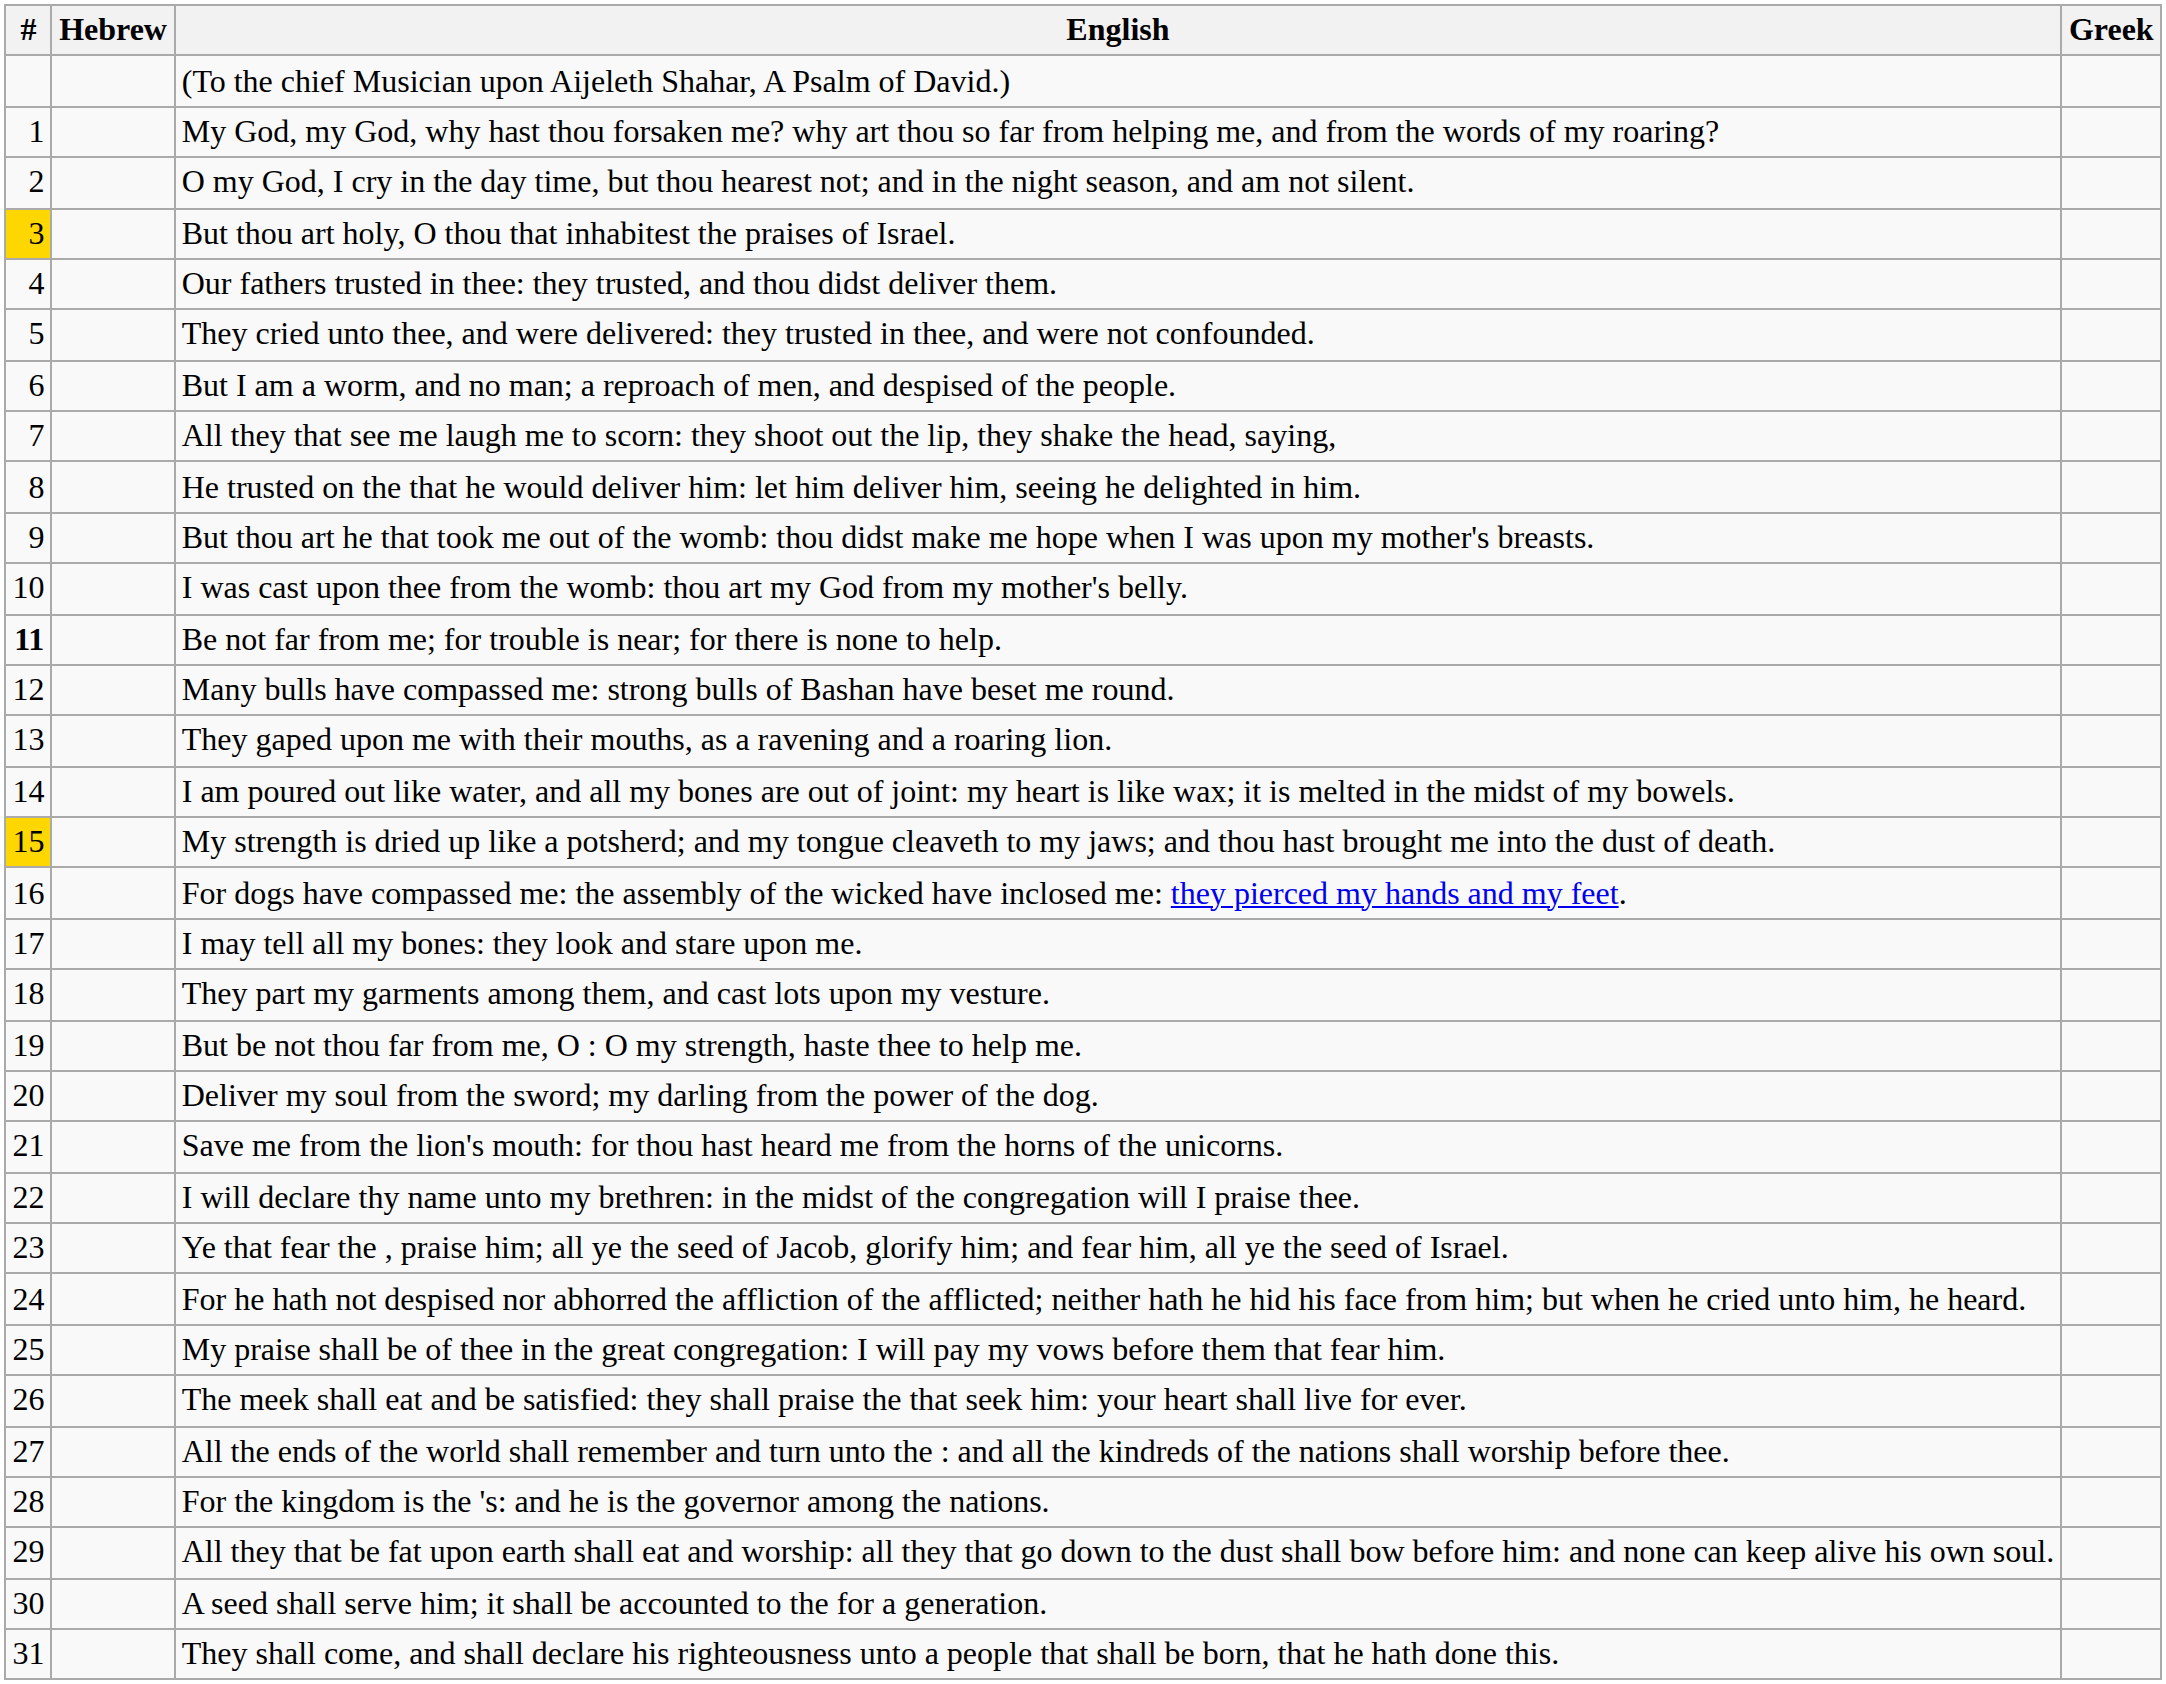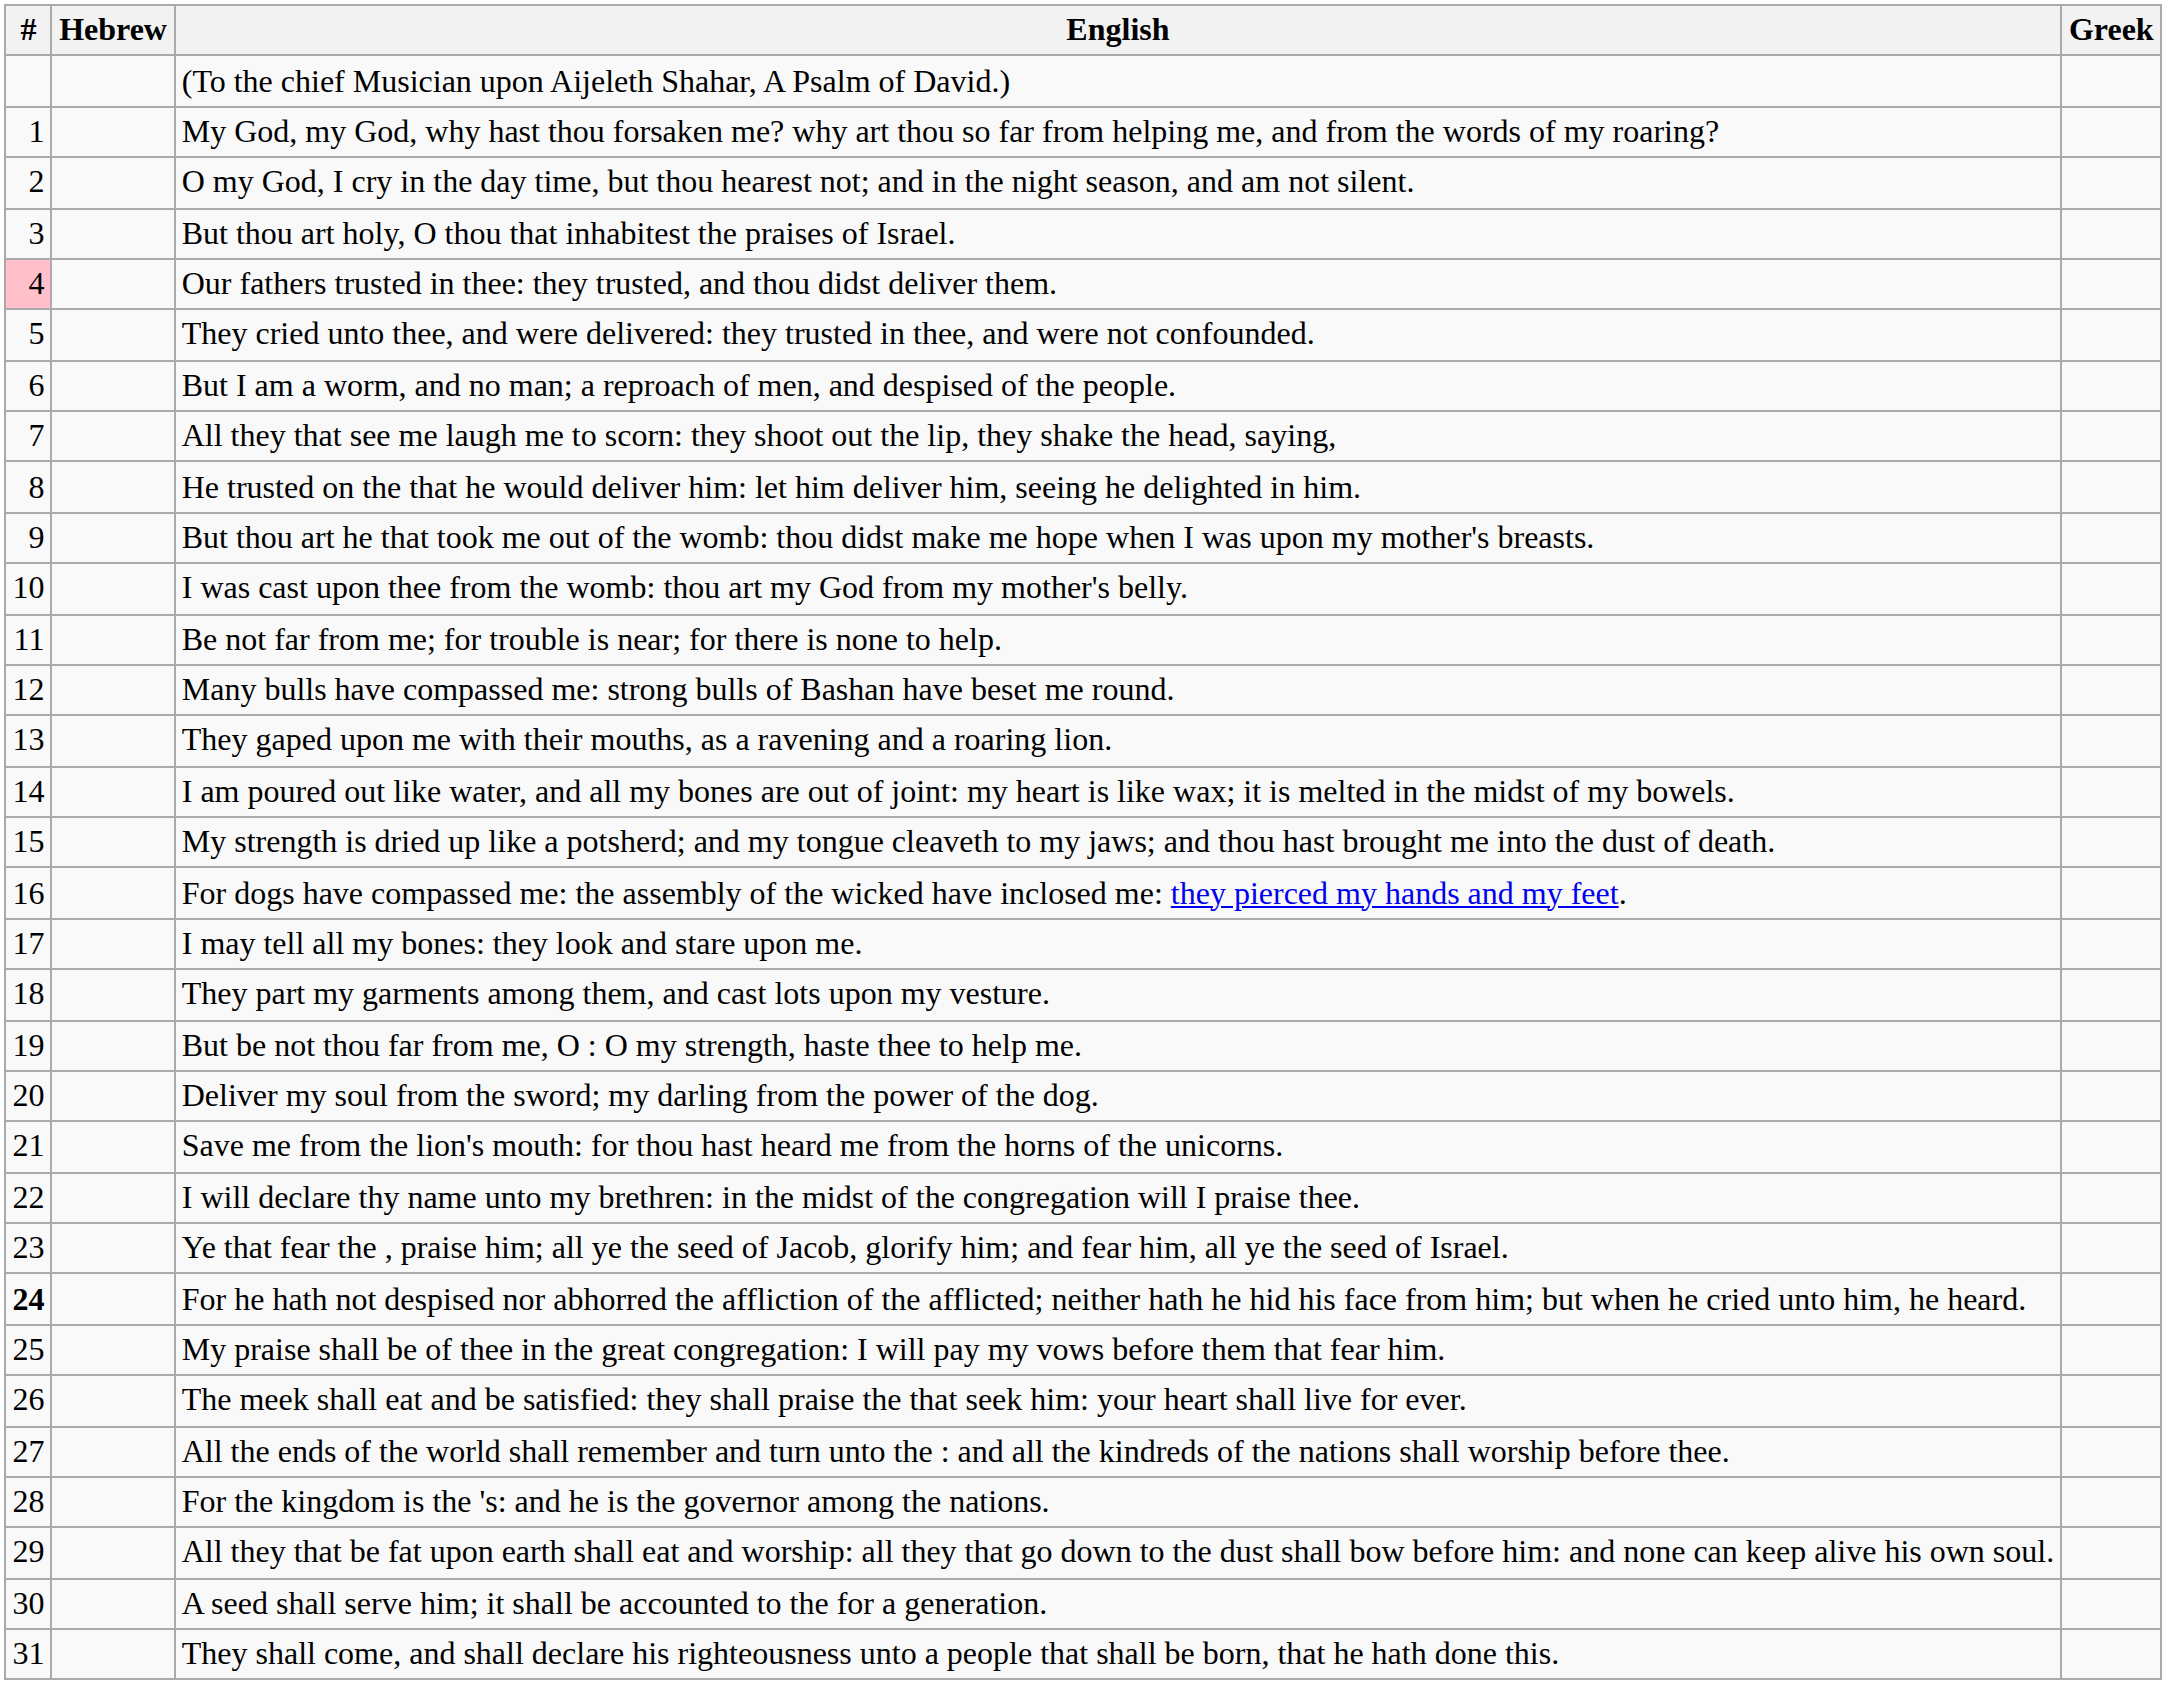 <table class=wikitable>
 <tr>
 <th>#</th>
 <th>Hebrew</th>
 <th>English</th>
 <th>Greek</th>
 </tr>
 <tr>
 <td style="text-align:right"></td>
 <td style="text-align:right"></td>
 <td>(To the chief Musician upon Aijeleth Shahar, A Psalm of David.)</td>
 <td></td>
 </tr>
 <tr>
 <td style="text-align:right">1</td>
 <td style="text-align:right"></td>
 <td>My God, my God, why hast thou forsaken me? why art thou so far from helping me, and from the words of my roaring?</td>
 <td></td>
 </tr>
 <tr>
 <td style="text-align:right">2</td>
 <td style="text-align:right"></td>
 <td>O my God, I cry in the day time, but thou hearest not; and in the night season, and am not silent.</td>
 <td></td>
 </tr>
 <tr>
-<td style="background: gold; text-align:right">3</td>
+<td style="text-align:right">3</td>
 <td style="text-align:right"></td>
 <td>But thou art holy, O thou that inhabitest the praises of Israel.</td>
 <td></td>
 </tr>
 <tr>
-<td style="text-align:right">4</td>
+<td style="background: pink; text-align:right">4</td>
 <td style="text-align:right"></td>
 <td>Our fathers trusted in thee: they trusted, and thou didst deliver them.</td>
 <td></td>
 </tr>
 <tr>
 <td style="text-align:right">5</td>
 <td style="text-align:right"></td>
 <td>They cried unto thee, and were delivered: they trusted in thee, and were not confounded.</td>
 <td></td>
 </tr>
 <tr>
 <td style="text-align:right">6</td>
 <td style="text-align:right"></td>
 <td>But I am a worm, and no man; a reproach of men, and despised of the people.</td>
 <td></td>
 </tr>
 <tr>
 <td style="text-align:right">7</td>
 <td style="text-align:right"></td>
 <td>All they that see me laugh me to scorn: they shoot out the lip, they shake the head, saying,</td>
 <td></td>
 </tr>
 <tr>
 <td style="text-align:right">8</td>
 <td style="text-align:right"></td>
 <td>He trusted on the  that he would deliver him: let him deliver him, seeing he delighted in him.</td>
 <td></td>
 </tr>
 <tr>
 <td style="text-align:right">9</td>
 <td style="text-align:right"></td>
 <td>But thou art he that took me out of the womb: thou didst make me hope when I was upon my mother's breasts.</td>
 <td></td>
 </tr>
 <tr>
 <td style="text-align:right">10</td>
 <td style="text-align:right"></td>
 <td>I was cast upon thee from the womb: thou art my God from my mother's belly.</td>
 <td></td>
 </tr>
 <tr>
-<td style="text-align:right"><strong>11</strong></td>
+<td style="text-align:right">11</td>
 <td style="text-align:right"></td>
 <td>Be not far from me; for trouble is near; for there is none to help.</td>
 <td></td>
 </tr>
 <tr>
 <td style="text-align:right">12</td>
 <td style="text-align:right"></td>
 <td>Many bulls have compassed me: strong bulls of Bashan have beset me round.</td>
 <td></td>
 </tr>
 <tr>
 <td style="text-align:right">13</td>
 <td style="text-align:right"></td>
 <td>They gaped upon me with their mouths, as a ravening and a roaring lion.</td>
 <td></td>
 </tr>
 <tr>
 <td style="text-align:right">14</td>
 <td style="text-align:right"></td>
 <td>I am poured out like water, and all my bones are out of joint: my heart is like wax; it is melted in the midst of my bowels.</td>
 <td></td>
 </tr>
 <tr>
-<td style="background: gold; text-align:right">15</td>
+<td style="text-align:right">15</td>
 <td style="text-align:right"></td>
 <td>My strength is dried up like a potsherd; and my tongue cleaveth to my jaws; and thou hast brought me into the dust of death.</td>
 <td></td>
 </tr>
 <tr>
 <td style="text-align:right">16</td>
 <td style="text-align:right"></td>
 <td>For dogs have compassed me: the assembly of the wicked have inclosed me: <a href='#'>they pierced my hands and my feet</a>.</td>
 <td></td>
 </tr>
 <tr>
 <td style="text-align:right">17</td>
 <td style="text-align:right"></td>
 <td>I may tell all my bones: they look and stare upon me.</td>
 <td></td>
 </tr>
 <tr>
 <td style="text-align:right">18</td>
 <td style="text-align:right"></td>
 <td>They part my garments among them, and cast lots upon my vesture.</td>
 <td></td>
 </tr>
 <tr>
 <td style="text-align:right">19</td>
 <td style="text-align:right"></td>
 <td>But be not thou far from me, O : O my strength, haste thee to help me.</td>
 <td></td>
 </tr>
 <tr>
 <td style="text-align:right">20</td>
 <td style="text-align:right"></td>
 <td>Deliver my soul from the sword; my darling from the power of the dog.</td>
 <td></td>
 </tr>
 <tr>
 <td style="text-align:right">21</td>
 <td style="text-align:right"></td>
 <td>Save me from the lion's mouth: for thou hast heard me from the horns of the unicorns.</td>
 <td></td>
 </tr>
 <tr>
 <td style="text-align:right">22</td>
 <td style="text-align:right"></td>
 <td>I will declare thy name unto my brethren: in the midst of the congregation will I praise thee.</td>
 <td></td>
 </tr>
 <tr>
 <td style="text-align:right">23</td>
 <td style="text-align:right"></td>
 <td>Ye that fear the , praise him; all ye the seed of Jacob, glorify him; and fear him, all ye the seed of Israel.</td>
 <td></td>
 </tr>
 <tr>
-<td style="text-align:right">24</td>
+<td style="text-align:right"><strong>24</strong></td>
 <td style="text-align:right"></td>
 <td>For he hath not despised nor abhorred the affliction of the afflicted; neither hath he hid his face from him; but when he cried unto him, he heard.</td>
 <td></td>
 </tr>
 <tr>
 <td style="text-align:right">25</td>
 <td style="text-align:right"></td>
 <td>My praise shall be of thee in the great congregation: I will pay my vows before them that fear him.</td>
 <td></td>
 </tr>
 <tr>
 <td style="text-align:right">26</td>
 <td style="text-align:right"></td>
 <td>The meek shall eat and be satisfied: they shall praise the  that seek him: your heart shall live for ever.</td>
 <td></td>
 </tr>
 <tr>
 <td style="text-align:right">27</td>
 <td style="text-align:right"></td>
 <td>All the ends of the world shall remember and turn unto the : and all the kindreds of the nations shall worship before thee.</td>
 <td></td>
 </tr>
 <tr>
 <td style="text-align:right">28</td>
 <td style="text-align:right"></td>
 <td>For the kingdom is the 's: and he is the governor among the nations.</td>
 <td></td>
 </tr>
 <tr>
 <td style="text-align:right">29</td>
 <td style="text-align:right"></td>
 <td>All they that be fat upon earth shall eat and worship: all they that go down to the dust shall bow before him: and none can keep alive his own soul.</td>
 <td></td>
 </tr>
 <tr>
 <td style="text-align:right">30</td>
 <td style="text-align:right"></td>
 <td>A seed shall serve him; it shall be accounted to the  for a generation.</td>
 <td></td>
 </tr>
 <tr>
 <td style="text-align:right">31</td>
 <td style="text-align:right"></td>
 <td>They shall come, and shall declare his righteousness unto a people that shall be born, that he hath done this.</td>
 <td></td>
 </tr>
 <tr>
 </tr>
 </table>
